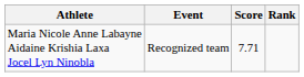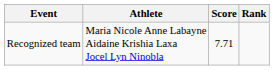 <table class="wikitable" style="font-size:90%">
 <tr>
+<th>Event</th>
 <th>Athlete</th>
-<th>Event</th>
 <th>Score</th>
 <th>Rank</th>
 </tr>
 <tr align=center>
+<td align=left>Recognized team</td>
 <td align=left>Maria Nicole Anne Labayne<br>Aidaine Krishia Laxa<br><a href='#'>Jocel Lyn Ninobla</a></td>
-<td align=left>Recognized team</td>
 <td>7.71</td>
 <td></td>
 </tr>
 </table>
